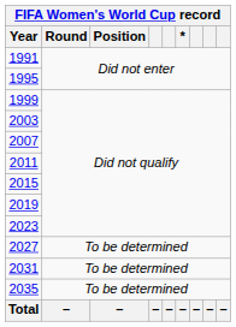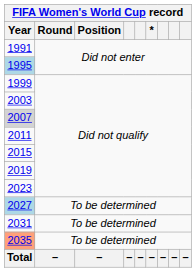 <table class="wikitable" style="text-align: center;">
 <tr>
 <th colspan=9><a href='#'>FIFA Women's World Cup</a> record</th>
 </tr>
 <tr>
 <th>Year</th>
 <th>Round</th>
 <th>Position</th>
 <th></th>
 <th></th>
 <th>*</th>
 <th></th>
 <th></th>
 <th></th>
 </tr>
 <tr>
 <td> <a href='#'>1991</a></td>
 <td colspan=8 rowspan=2><em>Did not enter</em></td>
 </tr>
 <tr>
-<td> <a href='#'>1995</a></td>
+<td style="background: lightblue;"> <a href='#'>1995</a></td>
 </tr>
 <tr>
 <td> <a href='#'>1999</a></td>
 <td colspan=8 rowspan=7><em>Did not qualify</em></td>
 </tr>
 <tr>
 <td> <a href='#'>2003</a></td>
 </tr>
 <tr>
-<td> <a href='#'>2007</a></td>
+<td style="background: lightgrey;"> <a href='#'>2007</a></td>
 </tr>
 <tr>
 <td> <a href='#'>2011</a></td>
 </tr>
 <tr>
 <td> <a href='#'>2015</a></td>
 </tr>
 <tr>
 <td> <a href='#'>2019</a></td>
 </tr>
 <tr>
 <td> <a href='#'>2023</a></td>
 </tr>
 <tr>
-<td> <a href='#'>2027</a></td>
+<td style="background: lightblue;"> <a href='#'>2027</a></td>
 <td colspan=8><em>To be determined</em></td>
 </tr>
 <tr>
 <td> <a href='#'>2031</a></td>
 <td colspan=8><em>To be determined</em></td>
 </tr>
 <tr>
-<td> <a href='#'>2035</a></td>
+<td style="background: lightsalmon;"> <a href='#'>2035</a></td>
 <td colspan=8><em>To be determined</em></td>
 </tr>
 <tr>
 <th>Total</th>
 <th>–</th>
 <th>–</th>
 <th>–</th>
 <th>–</th>
 <th>–</th>
 <th>–</th>
 <th>–</th>
 <th>–</th>
 </tr>
 </table>
